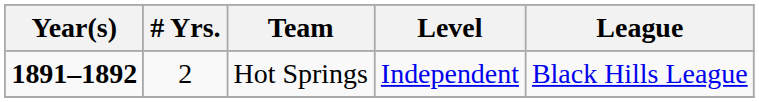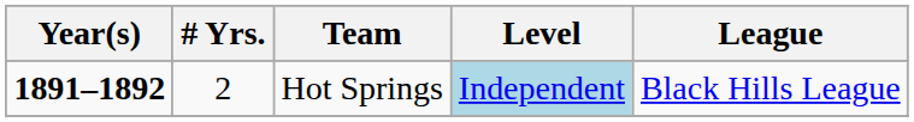 <table class="wikitable" style="text-align:center; font-size: 95%;">
 <tr>
 <th>Year(s)</th>
 <th># Yrs.</th>
 <th>Team</th>
 <th>Level</th>
 <th>League</th>
 </tr>
 <tr>
 <td><strong>1891–1892</strong></td>
 <td>2</td>
 <td>Hot Springs</td>
-<td><a href='#'>Independent</a></td>
+<td style="background: lightblue;"><a href='#'>Independent</a></td>
 <td><a href='#'>Black Hills League</a></td>
 </tr>
 <tr>
 </tr>
 </table>
